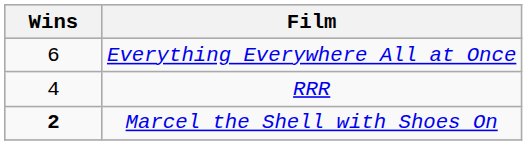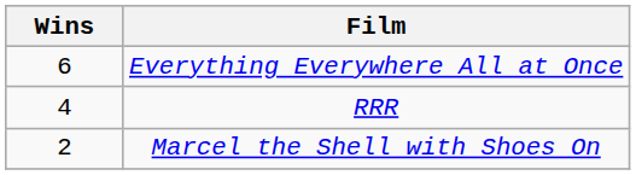 <table class="wikitable" rowspan="2" style="text-align:center" background: #f6e39c;>
 <tr>
 <th scope="col" style="width:55px;">Wins</th>
 <th scope="col" style="text-align:center;">Film</th>
 </tr>
 <tr>
 <td rowspan="1" style="text-align:center">6</td>
 <td><em><a href='#'>Everything Everywhere All at Once</a></em></td>
 </tr>
 <tr>
 <td rowspan="1" style="text-align:center">4</td>
 <td><em><a href='#'>RRR</a></em></td>
 </tr>
 <tr>
-<td rowspan="1" style="text-align:center"><strong>2</strong></td>
+<td rowspan="1" style="text-align:center">2</td>
 <td><em><a href='#'>Marcel the Shell with Shoes On</a></em></td>
 </tr>
 </table>
